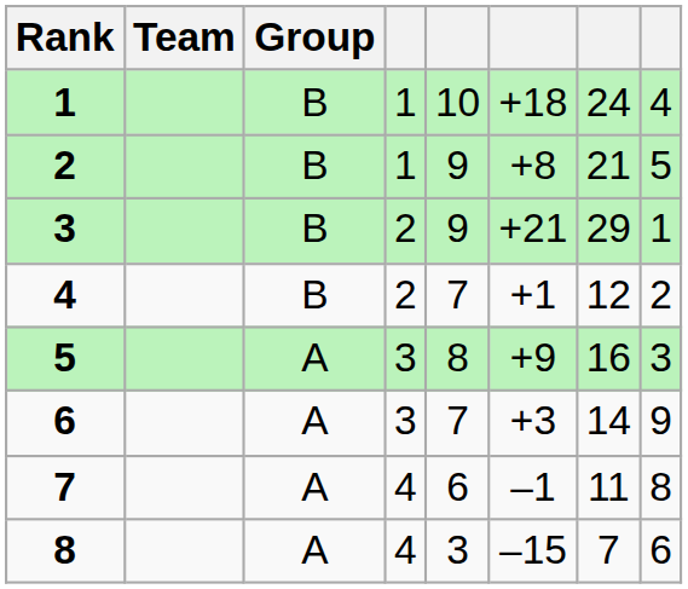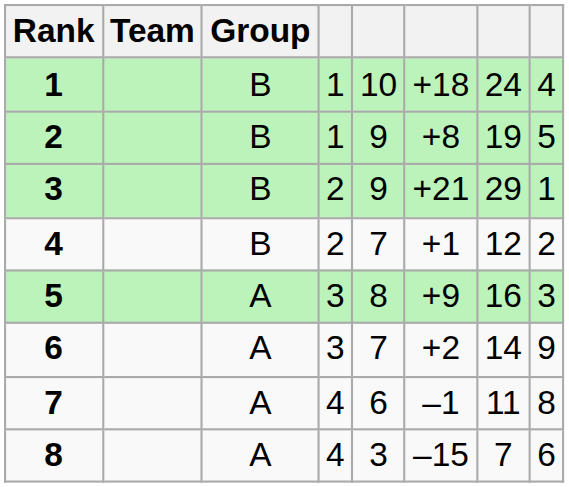 <table class="wikitable sortable" style="text-align:center;">
 <tr>
 <th>Rank</th>
 <th>Team</th>
 <th>Group</th>
 <th></th>
 <th></th>
 <th></th>
 <th></th>
 <th></th>
 </tr>
 <tr style="background-color:#BBF3BB;">
 <td><strong>1</strong></td>
 <td style="text-align:left;"></td>
 <td>B</td>
 <td>1</td>
 <td>10</td>
 <td>+18</td>
 <td>24</td>
 <td>4</td>
 </tr>
 <tr style="background-color:#BBF3BB;">
 <td><strong>2</strong></td>
 <td style="text-align:left;"></td>
 <td>B</td>
 <td>1</td>
 <td>9</td>
 <td>+8</td>
-<td>21</td>
+<td>19</td>
 <td>5</td>
 </tr>
 <tr style="background-color:#BBF3BB;">
 <td><strong>3</strong></td>
 <td style="text-align:left;"></td>
 <td>B</td>
 <td>2</td>
 <td>9</td>
 <td>+21</td>
 <td>29</td>
 <td>1</td>
 </tr>
 <tr>
 <td><strong>4</strong></td>
 <td style="text-align:left;"></td>
 <td>B</td>
 <td>2</td>
 <td>7</td>
 <td>+1</td>
 <td>12</td>
 <td>2</td>
 </tr>
 <tr style="background-color:#BBF3BB;">
 <td><strong>5</strong></td>
 <td style="text-align:left;"></td>
 <td>A</td>
 <td>3</td>
 <td>8</td>
 <td>+9</td>
 <td>16</td>
 <td>3</td>
 </tr>
 <tr>
 <td><strong>6</strong></td>
 <td style="text-align:left;"></td>
 <td>A</td>
 <td>3</td>
 <td>7</td>
-<td>+3</td>
+<td>+2</td>
 <td>14</td>
 <td>9</td>
 </tr>
 <tr>
 <td><strong>7</strong></td>
 <td style="text-align:left;"></td>
 <td>A</td>
 <td>4</td>
 <td>6</td>
 <td>–1</td>
 <td>11</td>
 <td>8</td>
 </tr>
 <tr>
 <td><strong>8</strong></td>
 <td style="text-align:left;"></td>
 <td>A</td>
 <td>4</td>
 <td>3</td>
 <td>–15</td>
 <td>7</td>
 <td>6</td>
 </tr>
 </table>
